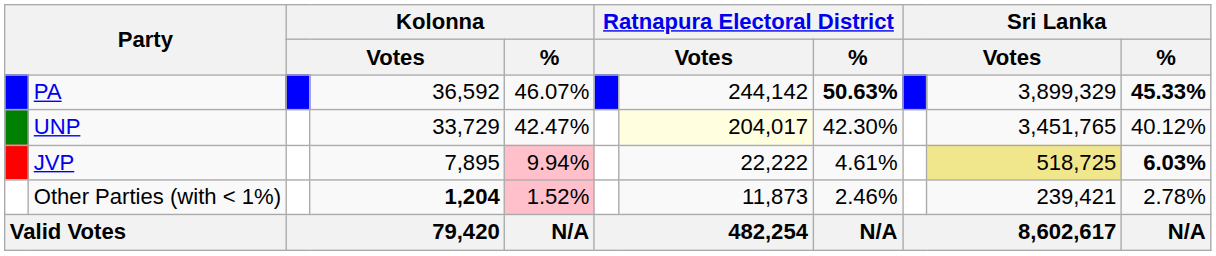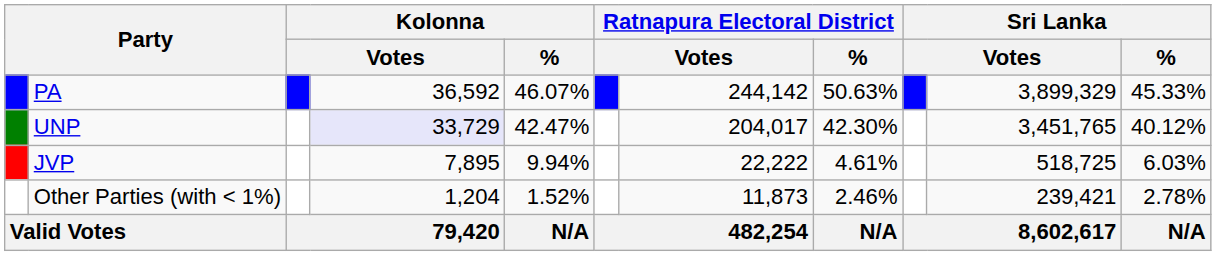 <table class="wikitable">
 <tr>
 <th colspan="2" width="144px"rowspan="2">Party</th>
 <th colspan="3" width="216px">Kolonna</th>
 <th colspan="3" width="216px"><a href='#'>Ratnapura Electoral District</a></th>
 <th colspan="3" width="216px">Sri Lanka</th>
 </tr>
 <tr>
 <th colspan="2" width="144px">Votes</th>
 <th>%</th>
 <th colspan="2" width="144px">Votes</th>
 <th>%</th>
 <th colspan="2" width="144px">Votes</th>
 <th>%</th>
 </tr>
 <tr>
 <td style="background-color:blue;" width="10px"></td>
 <td style="text-align:left;"><a href='#'>PA</a></td>
 <td style="background-color:blue;" width="10px"></td>
 <td style="text-align:right;">36,592</td>
 <td style="text-align:right;">46.07%</td>
 <td style="background-color:blue;" width="10px"></td>
 <td style="text-align:right;">244,142</td>
-<td style="text-align:right;"><strong>50.63%</strong></td>
+<td style="text-align:right;">50.63%</td>
 <td style="background-color:blue;" width="10px"></td>
 <td style="text-align:right;">3,899,329</td>
-<td style="text-align:right;"><strong>45.33%</strong></td>
+<td style="text-align:right;">45.33%</td>
 </tr>
 <tr>
 <td style="background-color:green;" width="10px"></td>
 <td style="text-align:left;"><a href='#'>UNP</a></td>
 <td style="background-color:white;" width="10px"></td>
-<td style="text-align:right;">33,729</td>
+<td style="background: lavender; text-align:right;">33,729</td>
 <td style="text-align:right;">42.47%</td>
 <td style="background-color:white;" width="10px"></td>
-<td style="background: lightyellow; text-align:right;">204,017</td>
+<td style="text-align:right;">204,017</td>
 <td style="text-align:right;">42.30%</td>
 <td style="background-color:white;" width="10px"></td>
 <td style="text-align:right;">3,451,765</td>
 <td style="text-align:right;">40.12%</td>
 </tr>
 <tr>
 <td style="background-color:red;" width="10px"></td>
 <td style="text-align:left;"><a href='#'>JVP</a></td>
 <td style="background-color:white;" width="10px"></td>
 <td style="text-align:right;">7,895</td>
-<td style="background: pink; text-align:right;">9.94%</td>
+<td style="text-align:right;">9.94%</td>
 <td style="background-color:white;" width="10px"></td>
 <td style="text-align:right;">22,222</td>
 <td style="text-align:right;">4.61%</td>
 <td style="background-color:white;" width="10px"></td>
-<td style="background: khaki; text-align:right;">518,725</td>
-<td style="text-align:right;"><strong>6.03%</strong></td>
+<td style="text-align:right;">518,725</td>
+<td style="text-align:right;">6.03%</td>
 </tr>
 <tr>
 <td style="background-color:white;" width="10px"></td>
 <td style="text-align:left;">Other Parties (with < 1%)</td>
 <td style="background-color:white;" width="10px"></td>
-<td style="text-align:right;"><strong>1,204</strong></td>
-<td style="background: pink; text-align:right;">1.52%</td>
+<td style="text-align:right;">1,204</td>
+<td style="text-align:right;">1.52%</td>
 <td style="background-color:white;" width="10px"></td>
 <td style="text-align:right;">11,873</td>
 <td style="text-align:right;">2.46%</td>
 <td style="background-color:white;" width="10px"></td>
 <td style="text-align:right;">239,421</td>
 <td style="text-align:right;">2.78%</td>
 </tr>
 <tr>
 <th colspan="2" width="144px"style="text-align:left;">Valid Votes</th>
 <th style="text-align:right;"colspan="2" width="144px">79,420</th>
 <th style="text-align:right;">N/A</th>
 <th style="text-align:right;"colspan="2" width="144px">482,254</th>
 <th style="text-align:right;">N/A</th>
 <th style="text-align:right;"colspan="2" width="144px">8,602,617</th>
 <th style="text-align:right;">N/A</th>
 </tr>
 </table>
